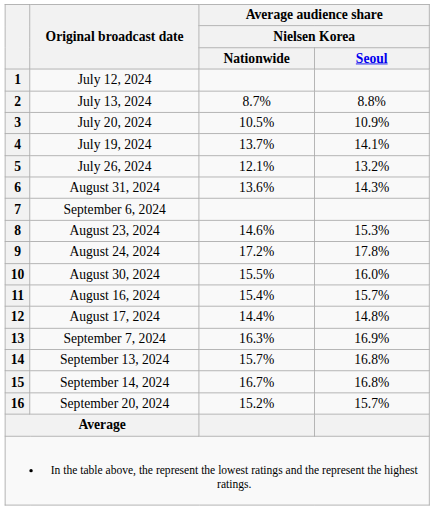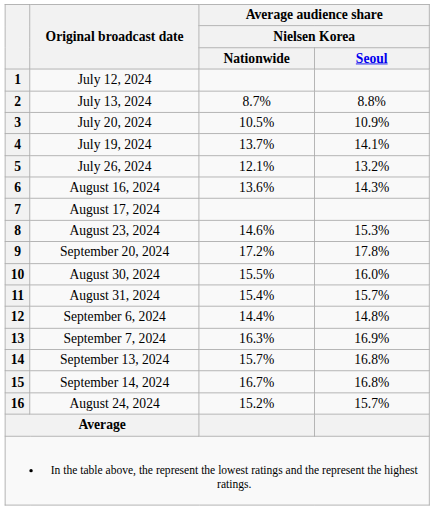 <table class="wikitable" style="margin-left:auto; margin-right:auto; width:500px; text-align:center">
 <tr>
 <th scope="col" rowspan="3"></th>
 <th scope="col" rowspan="3">Original broadcast date</th>
 <th scope="col" colspan="2">Average audience share</th>
 </tr>
 <tr>
 <th scope="col" colspan="2">Nielsen Korea</th>
 </tr>
 <tr>
 <th scope="col" style="width:8em">Nationwide</th>
 <th scope="col" style="width:8em"><a href='#'>Seoul</a></th>
 </tr>
 <tr>
 <th scope="col">1</th>
 <td>July 12, 2024</td>
 <td><strong></strong> </td>
 <td><strong></strong> </td>
 </tr>
 <tr>
 <th scope="col">2</th>
 <td>July 13, 2024</td>
 <td>8.7% </td>
 <td>8.8% </td>
 </tr>
 <tr>
 <th scope="col">3</th>
 <td>July 20, 2024</td>
 <td>10.5% </td>
 <td>10.9% </td>
 </tr>
 <tr>
 <th scope="col">4</th>
 <td>July 19, 2024</td>
 <td>13.7% </td>
 <td>14.1% </td>
 </tr>
 <tr>
 <th scope="col">5</th>
 <td>July 26, 2024</td>
 <td>12.1% </td>
 <td>13.2% </td>
 </tr>
 <tr>
 <th scope="col">6</th>
-<td>August 31, 2024</td>
+<td>August 16, 2024</td>
 <td>13.6% </td>
 <td>14.3% </td>
 </tr>
 <tr>
 <th scope="col">7</th>
-<td>September 6, 2024</td>
+<td>August 17, 2024</td>
 <td><strong></strong> </td>
 <td><strong></strong> </td>
 </tr>
 <tr>
 <th scope="col">8</th>
 <td>August 23, 2024</td>
 <td>14.6% </td>
 <td>15.3% </td>
 </tr>
 <tr>
 <th scope="col">9</th>
-<td>August 24, 2024</td>
+<td>September 20, 2024</td>
 <td>17.2% </td>
 <td>17.8% </td>
 </tr>
 <tr>
 <th scope="col">10</th>
 <td>August 30, 2024</td>
 <td>15.5% </td>
 <td>16.0% </td>
 </tr>
 <tr>
 <th scope="col">11</th>
-<td>August 16, 2024</td>
+<td>August 31, 2024</td>
 <td>15.4% </td>
 <td>15.7% </td>
 </tr>
 <tr>
 <th scope="col">12</th>
-<td>August 17, 2024</td>
+<td>September 6, 2024</td>
 <td>14.4% </td>
 <td>14.8% </td>
 </tr>
 <tr>
 <th scope="col">13</th>
 <td>September 7, 2024</td>
 <td>16.3% </td>
 <td>16.9% </td>
 </tr>
 <tr>
 <th scope="col">14</th>
 <td>September 13, 2024</td>
 <td>15.7% </td>
 <td>16.8% </td>
 </tr>
 <tr>
 <th scope="col">15</th>
 <td>September 14, 2024</td>
 <td>16.7% </td>
 <td>16.8% </td>
 </tr>
 <tr>
 <th scope="col">16</th>
-<td>September 20, 2024</td>
+<td>August 24, 2024</td>
 <td>15.2% </td>
 <td>15.7% </td>
 </tr>
 <tr>
 <th scope="col" colspan="2">Average</th>
 <th scope="col"></th>
 <th scope="col"></th>
 </tr>
 <tr>
 <td colspan="5" style="font-size:85%"><br><ul><li>In the table above, the <strong></strong> represent the lowest ratings and the <strong></strong> represent the highest ratings.</li></ul></td>
 </tr>
 </table>
